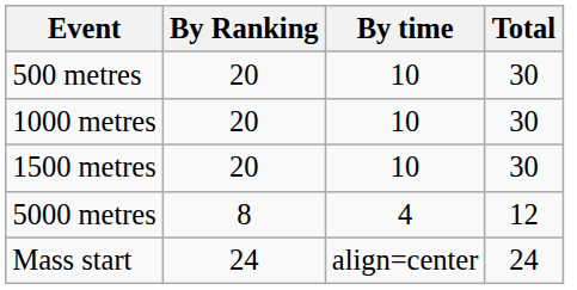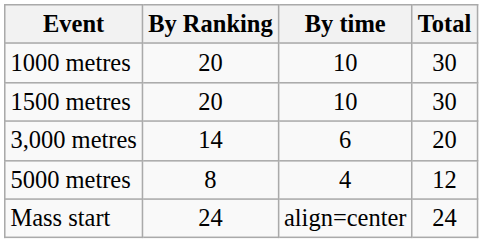 <table class = "wikitable">
 <tr>
 <th>Event</th>
 <th>By Ranking</th>
 <th>By time</th>
 <th>Total</th>
-</tr>
-<tr>
-<td>500 metres</td>
-<td align=center>20</td>
-<td align=center>10</td>
-<td align=center>30</td>
 </tr>
 <tr>
 <td>1000 metres</td>
 <td align=center>20</td>
 <td align=center>10</td>
 <td align=center>30</td>
 </tr>
 <tr>
 <td>1500 metres</td>
 <td align=center>20</td>
 <td align=center>10</td>
 <td align=center>30</td>
 </tr>
 <tr>
+<td>3,000 metres</td>
+<td align=center>14</td>
+<td align=center>6</td>
+<td align=center>20</td>
+</tr>
+<tr>
 <td>5000 metres</td>
 <td align=center>8</td>
 <td align=center>4</td>
 <td align=center>12</td>
 </tr>
 <tr>
 <td>Mass start</td>
 <td align=center>24</td>
 <td>align=center </td>
 <td align=center>24</td>
 </tr>
 </table>
